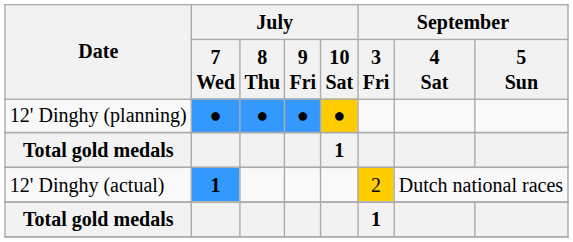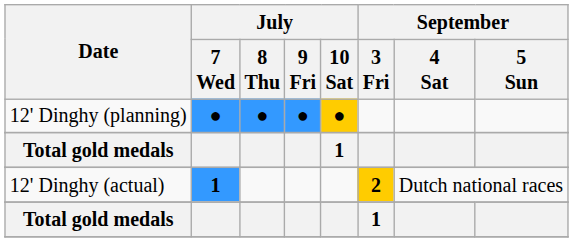 <table class="wikitable" style="margin:0.5em auto; font-size:90%; line-height:1.25em;">
 <tr>
 <th rowspan=2>Date</th>
 <th colspan=4>July </th>
 <th colspan=3>September </th>
 </tr>
 <tr>
 <th>7<br>Wed</th>
 <th>8<br>Thu</th>
 <th>9<br>Fri</th>
 <th>10<br>Sat</th>
 <th>3<br>Fri</th>
 <th>4<br>Sat</th>
 <th>5<br>Sun</th>
 </tr>
 <tr align="center">
 <td align="left">12' Dinghy (planning)</td>
 <td bgcolor=#3399ff><span>● </span></td>
 <td bgcolor=#3399ff><span>● </span></td>
 <td bgcolor=#3399ff><span>● </span></td>
 <td bgcolor=#ffcc00><span>● </span></td>
 <td></td>
 <td></td>
 <td></td>
 </tr>
 <tr align="center">
 </tr>
 <tr>
 <th>Total gold medals</th>
 <th></th>
 <th></th>
 <th></th>
 <th>1</th>
 <th></th>
 <th></th>
 <th></th>
 </tr>
 <tr>
 </tr>
 <tr align="center">
 <td align="left">12' Dinghy (actual)</td>
 <td bgcolor=#3399ff><strong><span>1 </span></strong></td>
 <td></td>
 <td></td>
 <td></td>
-<td bgcolor=#ffcc00><span>2 </span></td>
+<td bgcolor=#ffcc00><strong><span>2 </span></strong></td>
 <td colspan=2>Dutch national races</td>
 </tr>
 <tr align="center">
 </tr>
 <tr>
 <th>Total gold medals</th>
 <th></th>
 <th></th>
 <th></th>
 <th></th>
 <th>1</th>
 <th></th>
 <th></th>
 </tr>
 <tr>
 </tr>
 </table>
